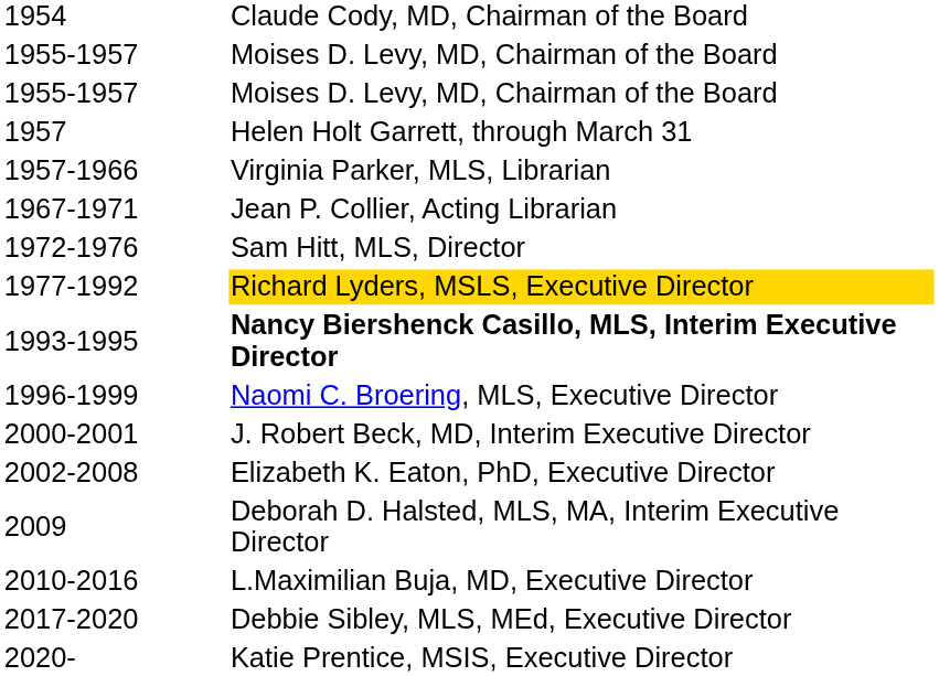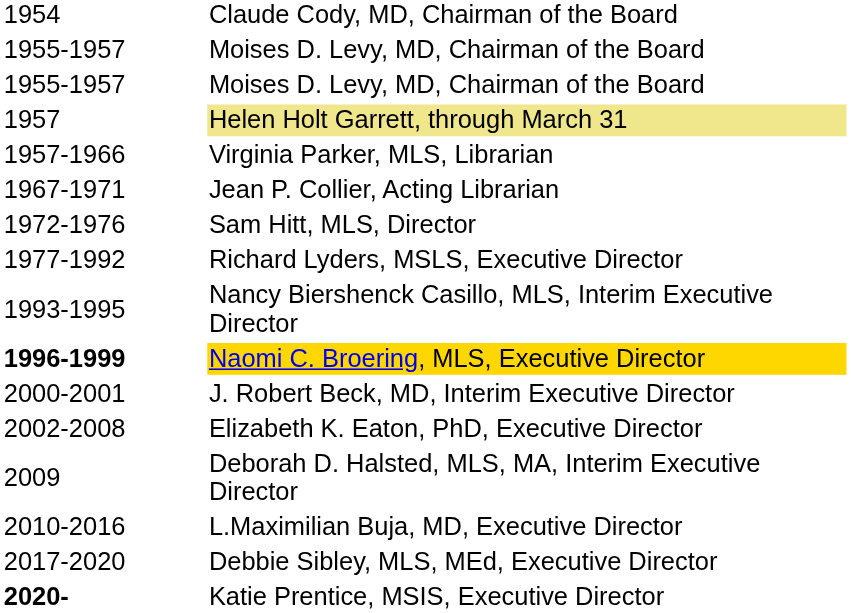 <table>
 <tr>
 <th width="125"></th>
 <th width="400"></th>
 </tr>
 <tr>
 <td>1954</td>
 <td>Claude Cody, MD, Chairman of the Board</td>
 </tr>
 <tr>
 <td>1955-1957</td>
 <td>Moises D. Levy, MD, Chairman of the Board</td>
 </tr>
 <tr>
 <td>1955-1957</td>
 <td>Moises D. Levy, MD, Chairman of the Board</td>
 </tr>
 <tr>
 <td>1957</td>
-<td>Helen Holt Garrett, through March 31</td>
+<td style="background: khaki;">Helen Holt Garrett, through March 31</td>
 </tr>
 <tr>
 <td>1957-1966</td>
 <td>Virginia Parker, MLS, Librarian</td>
 </tr>
 <tr>
 <td>1967-1971</td>
 <td>Jean P. Collier, Acting Librarian</td>
 </tr>
 <tr>
 <td>1972-1976</td>
 <td>Sam Hitt, MLS, Director</td>
 </tr>
 <tr>
 <td>1977-1992</td>
-<td style="background: gold;">Richard Lyders, MSLS, Executive Director</td>
+<td>Richard Lyders, MSLS, Executive Director</td>
 </tr>
 <tr>
 <td>1993-1995</td>
-<td><strong>Nancy Biershenck Casillo, MLS, Interim Executive Director</strong></td>
+<td>Nancy Biershenck Casillo, MLS, Interim Executive Director</td>
 </tr>
 <tr>
-<td>1996-1999</td>
-<td><a href='#'>Naomi C. Broering</a>, MLS, Executive Director</td>
+<td><strong>1996-1999</strong></td>
+<td style="background: gold;"><a href='#'>Naomi C. Broering</a>, MLS, Executive Director</td>
 </tr>
 <tr>
 <td>2000-2001</td>
 <td>J. Robert Beck, MD, Interim Executive Director</td>
 </tr>
 <tr>
 <td>2002-2008</td>
 <td>Elizabeth K. Eaton, PhD, Executive Director</td>
 </tr>
 <tr>
 <td>2009</td>
 <td>Deborah D. Halsted, MLS, MA, Interim Executive Director</td>
 </tr>
 <tr>
 <td>2010-2016</td>
 <td>L.Maximilian Buja, MD, Executive Director</td>
 </tr>
 <tr>
 <td>2017-2020</td>
 <td>Debbie Sibley, MLS, MEd, Executive Director</td>
 </tr>
 <tr>
-<td>2020-</td>
+<td><strong>2020-</strong></td>
 <td>Katie Prentice, MSIS, Executive Director</td>
 </tr>
 </table>
